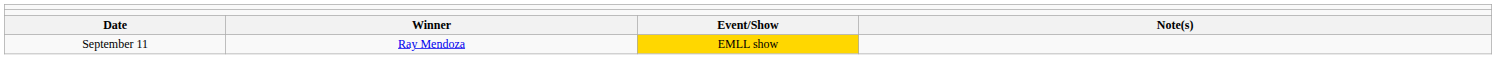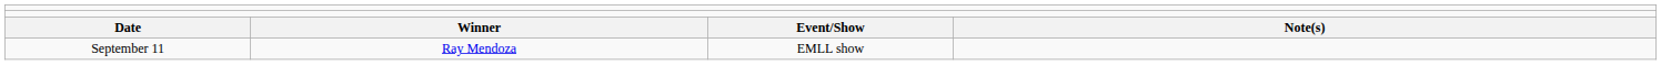 <table class="wikitable" style="text-align:center; width:100%;">
 <tr>
 <td colspan=5></td>
 </tr>
 <tr>
 <td colspan=5><strong></strong></td>
 </tr>
 <tr>
 <th width=14%>Date</th>
 <th width=26%>Winner</th>
 <th width=14%>Event/Show</th>
 <th width=40%>Note(s)</th>
 </tr>
 <tr>
 <td>September 11</td>
 <td><a href='#'>Ray Mendoza</a></td>
-<td style="background: gold;">EMLL show</td>
+<td>EMLL show</td>
 <td align=left></td>
 </tr>
 </table>
